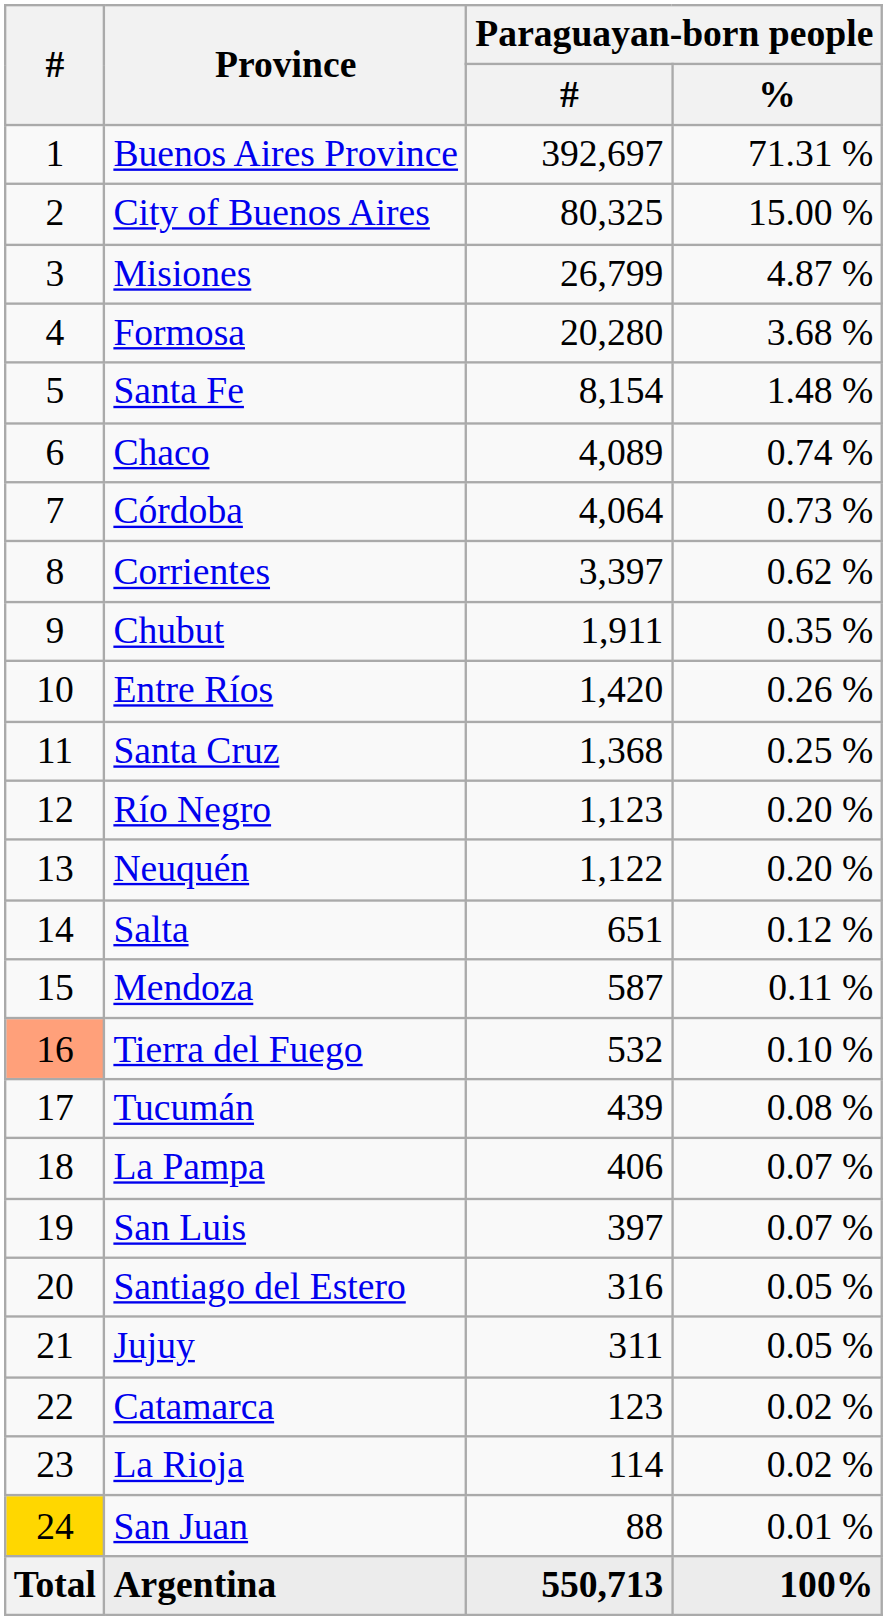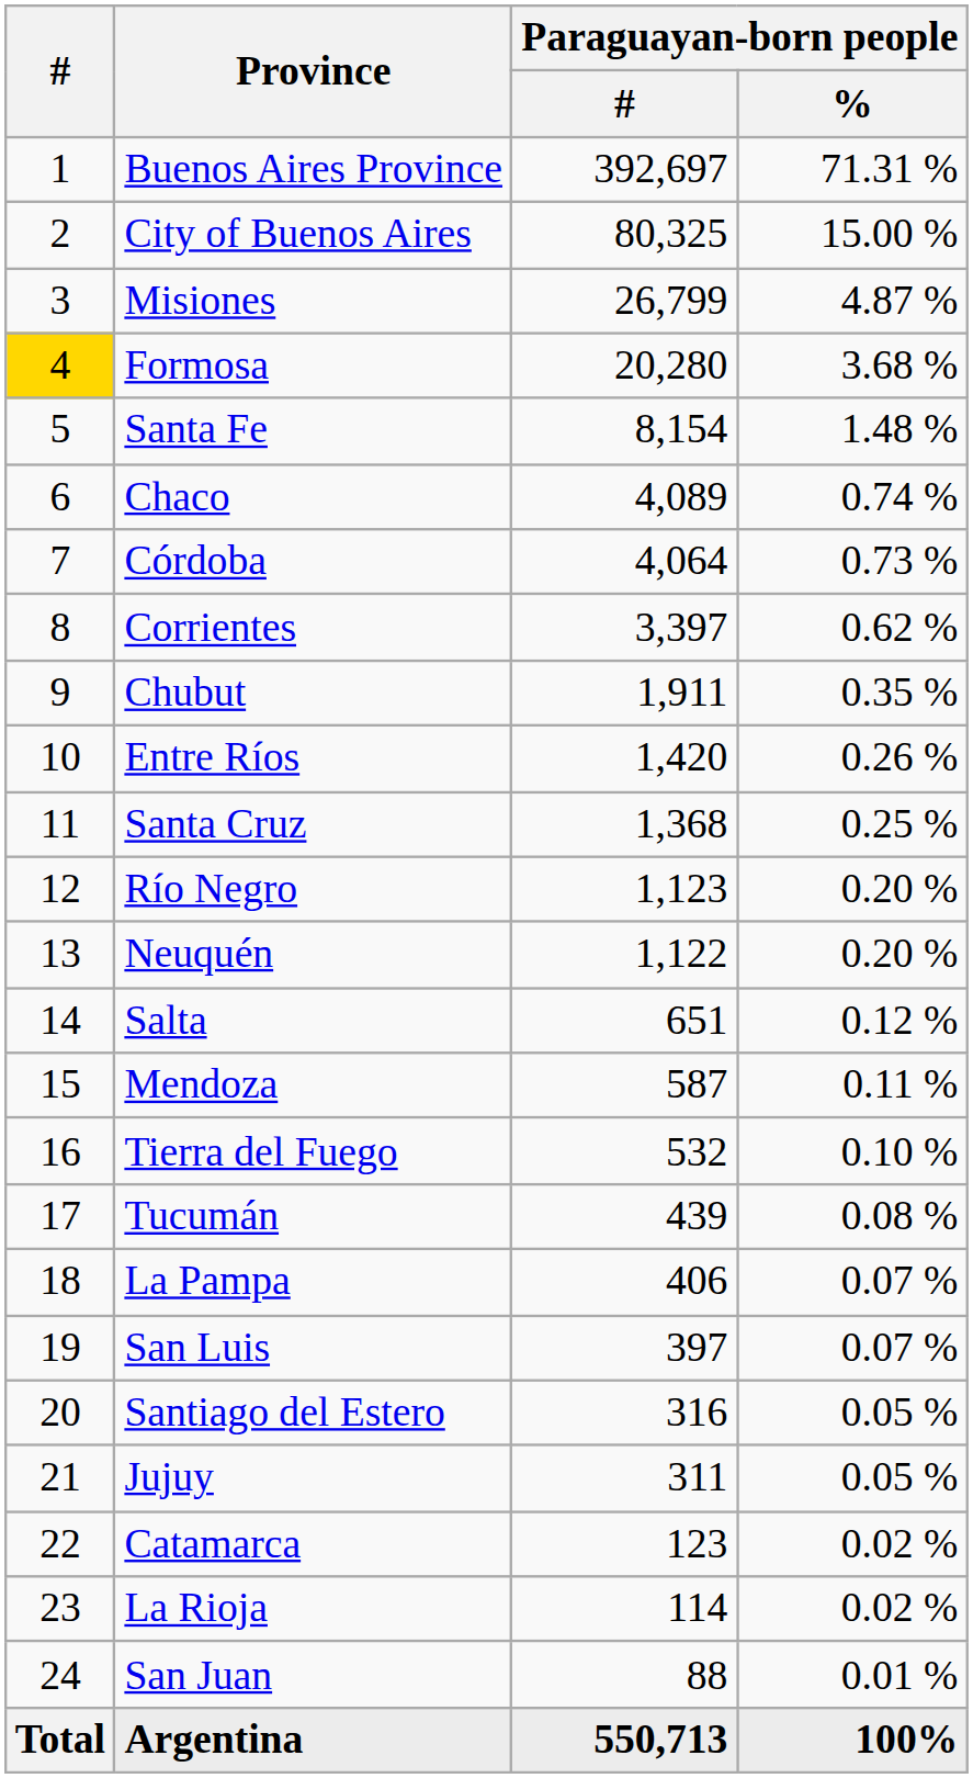 <table class="wikitable sortable">
 <tr>
 <th rowspan="2">#</th>
 <th rowspan="2">Province</th>
 <th colspan="2">Paraguayan-born people</th>
 </tr>
 <tr>
 <th>#</th>
 <th>%</th>
 </tr>
 <tr>
 <td align=center>1</td>
 <td> <a href='#'>Buenos Aires Province</a></td>
 <td align=right>392,697</td>
 <td align=right>71.31 %</td>
 </tr>
 <tr>
 <td align=center>2</td>
 <td> <a href='#'>City of Buenos Aires</a></td>
 <td align=right>80,325</td>
 <td align=right>15.00 %</td>
 </tr>
 <tr>
 <td align=center>3</td>
 <td> <a href='#'>Misiones</a></td>
 <td align=right>26,799</td>
 <td align=right>4.87 %</td>
 </tr>
 <tr>
-<td align=center>4</td>
+<td align=center style="background: gold;">4</td>
 <td> <a href='#'>Formosa</a></td>
 <td align=right>20,280</td>
 <td align=right>3.68 %</td>
 </tr>
 <tr>
 <td align=center>5</td>
 <td> <a href='#'>Santa Fe</a></td>
 <td align=right>8,154</td>
 <td align=right>1.48 %</td>
 </tr>
 <tr>
 <td align=center>6</td>
 <td> <a href='#'>Chaco</a></td>
 <td align=right>4,089</td>
 <td align=right>0.74 %</td>
 </tr>
 <tr>
 <td align=center>7</td>
 <td> <a href='#'>Córdoba</a></td>
 <td align=right>4,064</td>
 <td align=right>0.73 %</td>
 </tr>
 <tr>
 <td align=center>8</td>
 <td> <a href='#'>Corrientes</a></td>
 <td align=right>3,397</td>
 <td align=right>0.62 %</td>
 </tr>
 <tr>
 <td align=center>9</td>
 <td> <a href='#'>Chubut</a></td>
 <td align=right>1,911</td>
 <td align=right>0.35 %</td>
 </tr>
 <tr>
 <td align=center>10</td>
 <td> <a href='#'>Entre Ríos</a></td>
 <td align=right>1,420</td>
 <td align=right>0.26 %</td>
 </tr>
 <tr>
 <td align=center>11</td>
 <td> <a href='#'>Santa Cruz</a></td>
 <td align=right>1,368</td>
 <td align=right>0.25 %</td>
 </tr>
 <tr>
 <td align=center>12</td>
 <td> <a href='#'>Río Negro</a></td>
 <td align=right>1,123</td>
 <td align=right>0.20 %</td>
 </tr>
 <tr>
 <td align=center>13</td>
 <td> <a href='#'>Neuquén</a></td>
 <td align=right>1,122</td>
 <td align=right>0.20 %</td>
 </tr>
 <tr>
 <td align=center>14</td>
 <td> <a href='#'>Salta</a></td>
 <td align=right>651</td>
 <td align=right>0.12 %</td>
 </tr>
 <tr>
 <td align=center>15</td>
 <td> <a href='#'>Mendoza</a></td>
 <td align=right>587</td>
 <td align=right>0.11 %</td>
 </tr>
 <tr>
-<td align=center style="background: lightsalmon;">16</td>
+<td align=center>16</td>
 <td> <a href='#'>Tierra del Fuego</a></td>
 <td align=right>532</td>
 <td align=right>0.10 %</td>
 </tr>
 <tr>
 <td align=center>17</td>
 <td> <a href='#'>Tucumán</a></td>
 <td align=right>439</td>
 <td align=right>0.08 %</td>
 </tr>
 <tr>
 <td align=center>18</td>
 <td> <a href='#'>La Pampa</a></td>
 <td align=right>406</td>
 <td align=right>0.07 %</td>
 </tr>
 <tr>
 <td align=center>19</td>
 <td> <a href='#'>San Luis</a></td>
 <td align=right>397</td>
 <td align=right>0.07 %</td>
 </tr>
 <tr>
 <td align=center>20</td>
 <td> <a href='#'>Santiago del Estero</a></td>
 <td align=right>316</td>
 <td align=right>0.05 %</td>
 </tr>
 <tr>
 <td align=center>21</td>
 <td> <a href='#'>Jujuy</a></td>
 <td align=right>311</td>
 <td align=right>0.05 %</td>
 </tr>
 <tr>
 <td align=center>22</td>
 <td> <a href='#'>Catamarca</a></td>
 <td align=right>123</td>
 <td align=right>0.02 %</td>
 </tr>
 <tr>
 <td align=center>23</td>
 <td> <a href='#'>La Rioja</a></td>
 <td align=right>114</td>
 <td align=right>0.02 %</td>
 </tr>
 <tr>
-<td align=center style="background: gold;">24</td>
+<td align=center>24</td>
 <td> <a href='#'>San Juan</a></td>
 <td align=right>88</td>
 <td align=right>0.01 %</td>
 </tr>
 <tr>
 <th>Total</th>
 <td style="background:#ececec;" align=left> <strong>Argentina</strong></td>
 <td style="background:#ececec;" align=right><strong>550,713</strong></td>
 <td style="background:#ececec;"  align=right><strong>100%</strong></td>
 </tr>
 </table>
